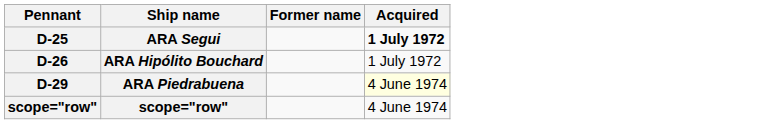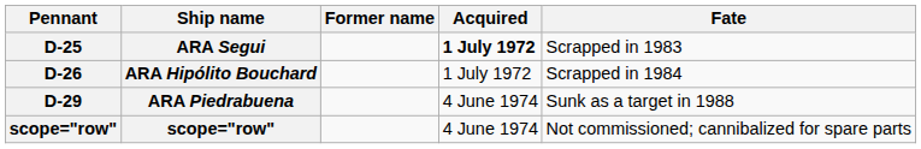 <table class="wikitable sortable plainrowheaders">
 <tr>
 <th scope="col">Pennant</th>
 <th scope="col">Ship name</th>
 <th scope="col">Former name</th>
 <th scope="col">Acquired</th>
+<th scope="col">Fate</th>
 </tr>
 <tr>
 <th scope="row">D-25</th>
 <th scope="row">ARA <em>Segui</em></th>
 <td></td>
 <td><strong>1 July 1972</strong></td>
+<td data-sort-value="1983">Scrapped in 1983</td>
 </tr>
 <tr>
 <th scope="row">D-26</th>
 <th scope="row">ARA <em>Hipólito Bouchard</em></th>
 <td></td>
 <td>1 July 1972</td>
+<td data-sort-value="1984">Scrapped in 1984</td>
 </tr>
 <tr>
 <th scope="row">D-29</th>
 <th scope="row">ARA <em>Piedrabuena</em></th>
 <td></td>
-<td style="background: lightyellow;">4 June 1974</td>
+<td>4 June 1974</td>
+<td data-sort-value="1988">Sunk as a target in 1988</td>
 </tr>
 <tr>
 <th>scope="row" </th>
 <th>scope="row" </th>
 <td></td>
 <td>4 June 1974</td>
+<td>Not commissioned; cannibalized for spare parts</td>
 </tr>
 </table>
